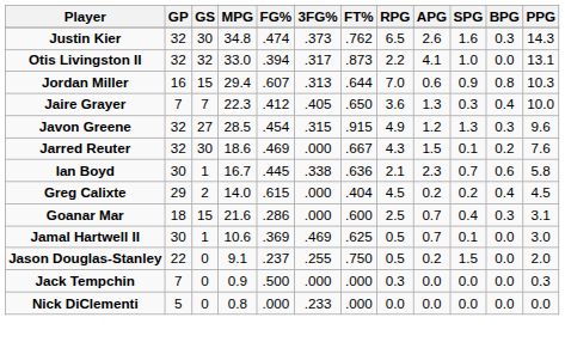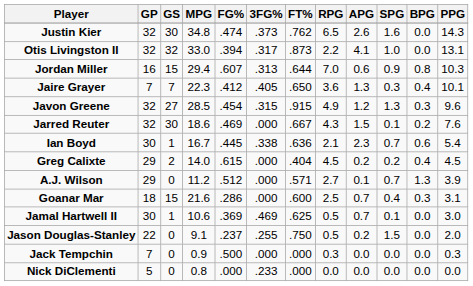 <table class="wikitable sortable" style="font-size: 90%">
 <tr>
 <th>Player</th>
 <th>GP</th>
 <th>GS</th>
 <th>MPG</th>
 <th>FG%</th>
 <th>3FG%</th>
 <th>FT%</th>
 <th>RPG</th>
 <th>APG</th>
 <th>SPG</th>
 <th>BPG</th>
 <th>PPG</th>
 </tr>
 <tr align="center" bgcolor="">
 </tr>
 <tr align="center" bgcolor="">
 <td><strong>Justin Kier</strong></td>
 <td>32</td>
 <td>30</td>
 <td>34.8</td>
 <td>.474</td>
 <td>.373</td>
 <td>.762</td>
 <td>6.5</td>
 <td>2.6</td>
 <td>1.6</td>
-<td>0.3</td>
+<td>0.0</td>
 <td>14.3</td>
 </tr>
 <tr align="center" bgcolor="">
 <td><strong>Otis Livingston II</strong></td>
 <td>32</td>
 <td>32</td>
 <td>33.0</td>
 <td>.394</td>
 <td>.317</td>
 <td>.873</td>
 <td>2.2</td>
 <td>4.1</td>
 <td>1.0</td>
 <td>0.0</td>
 <td>13.1</td>
 </tr>
 <tr align="center" bgcolor="">
 <td><strong>Jordan Miller</strong></td>
 <td>16</td>
 <td>15</td>
 <td>29.4</td>
 <td>.607</td>
 <td>.313</td>
 <td>.644</td>
 <td>7.0</td>
 <td>0.6</td>
 <td>0.9</td>
 <td>0.8</td>
 <td>10.3</td>
 </tr>
 <tr align="center" bgcolor="">
 <td><strong>Jaire Grayer</strong></td>
 <td>7</td>
 <td>7</td>
 <td>22.3</td>
 <td>.412</td>
 <td>.405</td>
 <td>.650</td>
 <td>3.6</td>
 <td>1.3</td>
 <td>0.3</td>
 <td>0.4</td>
-<td>10.0</td>
+<td>10.1</td>
 </tr>
 <tr align="center" bgcolor="">
 <td><strong>Javon Greene</strong></td>
 <td>32</td>
 <td>27</td>
 <td>28.5</td>
 <td>.454</td>
 <td>.315</td>
 <td>.915</td>
 <td>4.9</td>
 <td>1.2</td>
 <td>1.3</td>
 <td>0.3</td>
 <td>9.6</td>
 </tr>
 <tr align="center" bgcolor="">
 <td><strong>Jarred Reuter</strong></td>
 <td>32</td>
 <td>30</td>
 <td>18.6</td>
 <td>.469</td>
 <td>.000</td>
 <td>.667</td>
 <td>4.3</td>
 <td>1.5</td>
 <td>0.1</td>
 <td>0.2</td>
 <td>7.6</td>
 </tr>
 <tr align="center" bgcolor="">
 <td><strong>Ian Boyd</strong></td>
 <td>30</td>
 <td>1</td>
 <td>16.7</td>
 <td>.445</td>
 <td>.338</td>
 <td>.636</td>
 <td>2.1</td>
 <td>2.3</td>
 <td>0.7</td>
 <td>0.6</td>
-<td>5.8</td>
+<td>5.4</td>
 </tr>
 <tr align="center" bgcolor="">
 <td><strong>Greg Calixte</strong></td>
 <td>29</td>
 <td>2</td>
 <td>14.0</td>
 <td>.615</td>
 <td>.000</td>
 <td>.404</td>
 <td>4.5</td>
 <td>0.2</td>
 <td>0.2</td>
 <td>0.4</td>
 <td>4.5</td>
+</tr>
+<tr align="center" bgcolor="">
+<td><strong>A.J. Wilson</strong></td>
+<td>29</td>
+<td>0</td>
+<td>11.2</td>
+<td>.512</td>
+<td>.000</td>
+<td>.571</td>
+<td>2.7</td>
+<td>0.1</td>
+<td>0.7</td>
+<td>1.3</td>
+<td>3.9</td>
 </tr>
 <tr align="center" bgcolor="">
 <td><strong>Goanar Mar</strong></td>
 <td>18</td>
 <td>15</td>
 <td>21.6</td>
 <td>.286</td>
 <td>.000</td>
 <td>.600</td>
 <td>2.5</td>
 <td>0.7</td>
 <td>0.4</td>
 <td>0.3</td>
 <td>3.1</td>
 </tr>
 <tr align="center" bgcolor="">
 <td><strong>Jamal Hartwell II</strong></td>
 <td>30</td>
 <td>1</td>
 <td>10.6</td>
 <td>.369</td>
 <td>.469</td>
 <td>.625</td>
 <td>0.5</td>
 <td>0.7</td>
 <td>0.1</td>
 <td>0.0</td>
 <td>3.0</td>
 </tr>
 <tr align="center" bgcolor="">
 <td><strong>Jason Douglas-Stanley</strong></td>
 <td>22</td>
 <td>0</td>
 <td>9.1</td>
 <td>.237</td>
 <td>.255</td>
 <td>.750</td>
 <td>0.5</td>
 <td>0.2</td>
 <td>1.5</td>
 <td>0.0</td>
 <td>2.0</td>
 </tr>
 <tr align="center" bgcolor="">
 <td><strong>Jack Tempchin</strong></td>
 <td>7</td>
 <td>0</td>
 <td>0.9</td>
 <td>.500</td>
 <td>.000</td>
 <td>.000</td>
 <td>0.3</td>
 <td>0.0</td>
 <td>0.0</td>
 <td>0.0</td>
 <td>0.3</td>
 </tr>
 <tr align="center" bgcolor="">
 <td><strong>Nick DiClementi</strong></td>
 <td>5</td>
 <td>0</td>
 <td>0.8</td>
 <td>.000</td>
 <td>.233</td>
 <td>.000</td>
 <td>0.0</td>
 <td>0.0</td>
 <td>0.0</td>
 <td>0.0</td>
 <td>0.0</td>
 </tr>
 </table>
